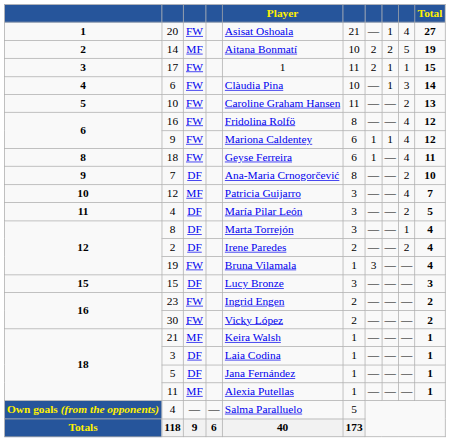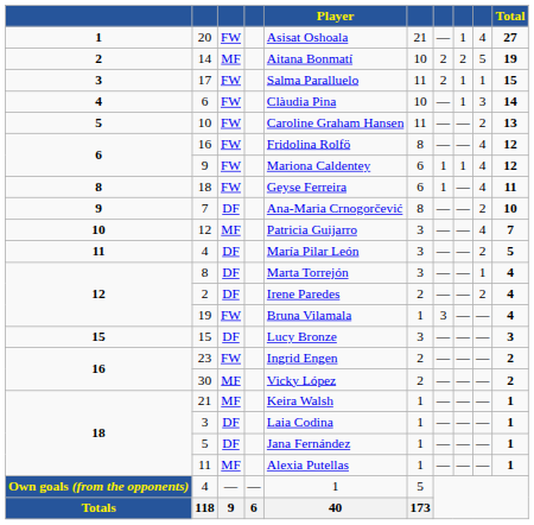 <table class="wikitable" style="text-align:center;">
 <tr>
 <th style="background:#26559B; color:#FFF000; "></th>
 <th style="background:#26559B; color:#FFF000; "></th>
 <th style="background:#26559B; color:#FFF000; "></th>
 <th style="background:#26559B; color:#FFF000; "></th>
 <th style="background:#26559B; color:#FFF000; ">Player</th>
 <th style="background:#26559B; color:#FFF000; "></th>
 <th style="background:#26559B; color:#FFF000; "></th>
 <th style="background:#26559B; color:#FFF000; "></th>
 <th style="background:#26559B; color:#FFF000; "></th>
 <th style="background:#26559B; color:#FFF000; ">Total</th>
 </tr>
 <tr>
 <td><strong>1</strong></td>
 <td>20</td>
 <td><a href='#'>FW</a></td>
 <td></td>
 <td style="text-align:left"><a href='#'>Asisat Oshoala</a></td>
 <td>21</td>
 <td>—</td>
 <td>1</td>
 <td>4</td>
 <td><strong>27</strong></td>
 </tr>
 <tr>
 <td><strong>2</strong></td>
 <td>14</td>
 <td><a href='#'>MF</a></td>
 <td></td>
 <td style="text-align:left"><a href='#'>Aitana Bonmatí</a></td>
 <td>10</td>
 <td>2</td>
 <td>2</td>
 <td>5</td>
 <td><strong>19</strong></td>
 </tr>
 <tr>
 <td><strong>3</strong></td>
 <td>17</td>
 <td><a href='#'>FW</a></td>
 <td></td>
-<td>1</td>
+<td style="text-align:left"><a href='#'>Salma Paralluelo</a></td>
 <td>11</td>
 <td>2</td>
 <td>1</td>
 <td>1</td>
 <td><strong>15</strong></td>
 </tr>
 <tr>
 <td><strong>4</strong></td>
 <td>6</td>
 <td><a href='#'>FW</a></td>
 <td></td>
 <td style="text-align:left"><a href='#'>Clàudia Pina</a></td>
 <td>10</td>
 <td>—</td>
 <td>1</td>
 <td>3</td>
 <td><strong>14</strong></td>
 </tr>
 <tr>
 <td><strong>5</strong></td>
 <td>10</td>
 <td><a href='#'>FW</a></td>
 <td></td>
 <td style="text-align:left"><a href='#'>Caroline Graham Hansen</a></td>
 <td>11</td>
 <td>—</td>
 <td>—</td>
 <td>2</td>
 <td><strong>13</strong></td>
 </tr>
 <tr>
 <td rowspan="2"><strong>6</strong></td>
 <td>16</td>
 <td><a href='#'>FW</a></td>
 <td></td>
 <td style="text-align:left"><a href='#'>Fridolina Rolfö</a></td>
 <td>8</td>
 <td>—</td>
 <td>—</td>
 <td>4</td>
 <td><strong>12</strong></td>
 </tr>
 <tr>
 <td>9</td>
 <td><a href='#'>FW</a></td>
 <td></td>
 <td style="text-align:left"><a href='#'>Mariona Caldentey</a></td>
 <td>6</td>
 <td>1</td>
 <td>1</td>
 <td>4</td>
 <td><strong>12</strong></td>
 </tr>
 <tr>
 <td><strong>8</strong></td>
 <td>18</td>
 <td><a href='#'>FW</a></td>
 <td></td>
 <td style="text-align:left"><a href='#'>Geyse Ferreira</a></td>
 <td>6</td>
 <td>1</td>
 <td>—</td>
 <td>4</td>
 <td><strong>11</strong></td>
 </tr>
 <tr>
 <td><strong>9</strong></td>
 <td>7</td>
 <td><a href='#'>DF</a></td>
 <td></td>
 <td style="text-align:left"><a href='#'>Ana-Maria Crnogorčević</a></td>
 <td>8</td>
 <td>—</td>
 <td>—</td>
 <td>2</td>
 <td><strong>10</strong></td>
 </tr>
 <tr>
 <td><strong>10</strong></td>
 <td>12</td>
 <td><a href='#'>MF</a></td>
 <td></td>
 <td style="text-align:left"><a href='#'>Patricia Guijarro</a></td>
 <td>3</td>
 <td>—</td>
 <td>—</td>
 <td>4</td>
 <td><strong>7</strong></td>
 </tr>
 <tr>
 <td><strong>11</strong></td>
 <td>4</td>
 <td><a href='#'>DF</a></td>
 <td></td>
 <td style="text-align:left"><a href='#'>María Pilar León</a></td>
 <td>3</td>
 <td>—</td>
 <td>—</td>
 <td>2</td>
 <td><strong>5</strong></td>
 </tr>
 <tr>
 <td rowspan="3"><strong>12</strong></td>
 <td>8</td>
 <td><a href='#'>DF</a></td>
 <td></td>
 <td style="text-align:left"><a href='#'>Marta Torrejón</a></td>
 <td>3</td>
 <td>—</td>
 <td>—</td>
 <td>1</td>
 <td><strong>4</strong></td>
 </tr>
 <tr>
 <td>2</td>
 <td><a href='#'>DF</a></td>
 <td></td>
 <td style="text-align:left"><a href='#'>Irene Paredes</a></td>
 <td>2</td>
 <td>—</td>
 <td>—</td>
 <td>2</td>
 <td><strong>4</strong></td>
 </tr>
 <tr>
 <td>19</td>
 <td><a href='#'>FW</a></td>
 <td></td>
 <td style="text-align:left"><a href='#'>Bruna Vilamala</a></td>
 <td>1</td>
 <td>3</td>
 <td>—</td>
 <td>—</td>
 <td><strong>4</strong></td>
 </tr>
 <tr>
 <td><strong>15</strong></td>
 <td>15</td>
 <td><a href='#'>DF</a></td>
 <td></td>
 <td style="text-align:left"><a href='#'>Lucy Bronze</a></td>
 <td>3</td>
 <td>—</td>
 <td>—</td>
 <td>—</td>
 <td><strong>3</strong></td>
 </tr>
 <tr>
 <td rowspan="2"><strong>16</strong></td>
 <td>23</td>
 <td><a href='#'>FW</a></td>
 <td></td>
 <td style="text-align:left"><a href='#'>Ingrid Engen</a></td>
 <td>2</td>
 <td>—</td>
 <td>—</td>
 <td>—</td>
 <td><strong>2</strong></td>
 </tr>
 <tr>
 <td>30</td>
-<td><a href='#'>FW</a></td>
+<td><a href='#'>MF</a></td>
 <td></td>
 <td style="text-align:left"><a href='#'>Vicky López</a></td>
 <td>2</td>
 <td>—</td>
 <td>—</td>
 <td>—</td>
 <td><strong>2</strong></td>
 </tr>
 <tr>
 <td rowspan="4"><strong>18</strong></td>
 <td>21</td>
 <td><a href='#'>MF</a></td>
 <td></td>
 <td style="text-align:left"><a href='#'>Keira Walsh</a></td>
 <td>1</td>
 <td>—</td>
 <td>—</td>
 <td>—</td>
 <td><strong>1</strong></td>
 </tr>
 <tr>
 <td>3</td>
 <td><a href='#'>DF</a></td>
 <td></td>
 <td style="text-align:left"><a href='#'>Laia Codina</a></td>
 <td>1</td>
 <td>—</td>
 <td>—</td>
 <td>—</td>
 <td><strong>1</strong></td>
 </tr>
 <tr>
 <td>5</td>
 <td><a href='#'>DF</a></td>
 <td></td>
 <td style="text-align:left"><a href='#'>Jana Fernández</a></td>
 <td>1</td>
 <td>—</td>
 <td>—</td>
 <td>—</td>
 <td><strong>1</strong></td>
 </tr>
 <tr>
 <td>11</td>
 <td><a href='#'>MF</a></td>
 <td></td>
 <td style="text-align:left"><a href='#'>Alexia Putellas</a></td>
 <td>1</td>
 <td>—</td>
 <td>—</td>
 <td>—</td>
 <td><strong>1</strong></td>
 </tr>
 <tr>
 <td style="background:#26559B; color:#FFF000; "><strong>Own goals <em>(from the opponents)<strong><em></td>
 <td>4</td>
 <td>—</td>
 <td>—</td>
-<td style="text-align:left"><a href='#'>Salma Paralluelo</a></td>
+<td>1</td>
 <td></strong>5<strong></td>
 </tr>
 <tr>
 <th style="background:#26559B; color:#FFF000; "></strong>Totals<strong></th>
 <th></strong>118<strong></th>
 <th></strong>9<strong></th>
 <th></strong>6<strong></th>
 <th></strong>40<strong></th>
 <th></strong>173<strong></th>
 </tr>
 </table>
